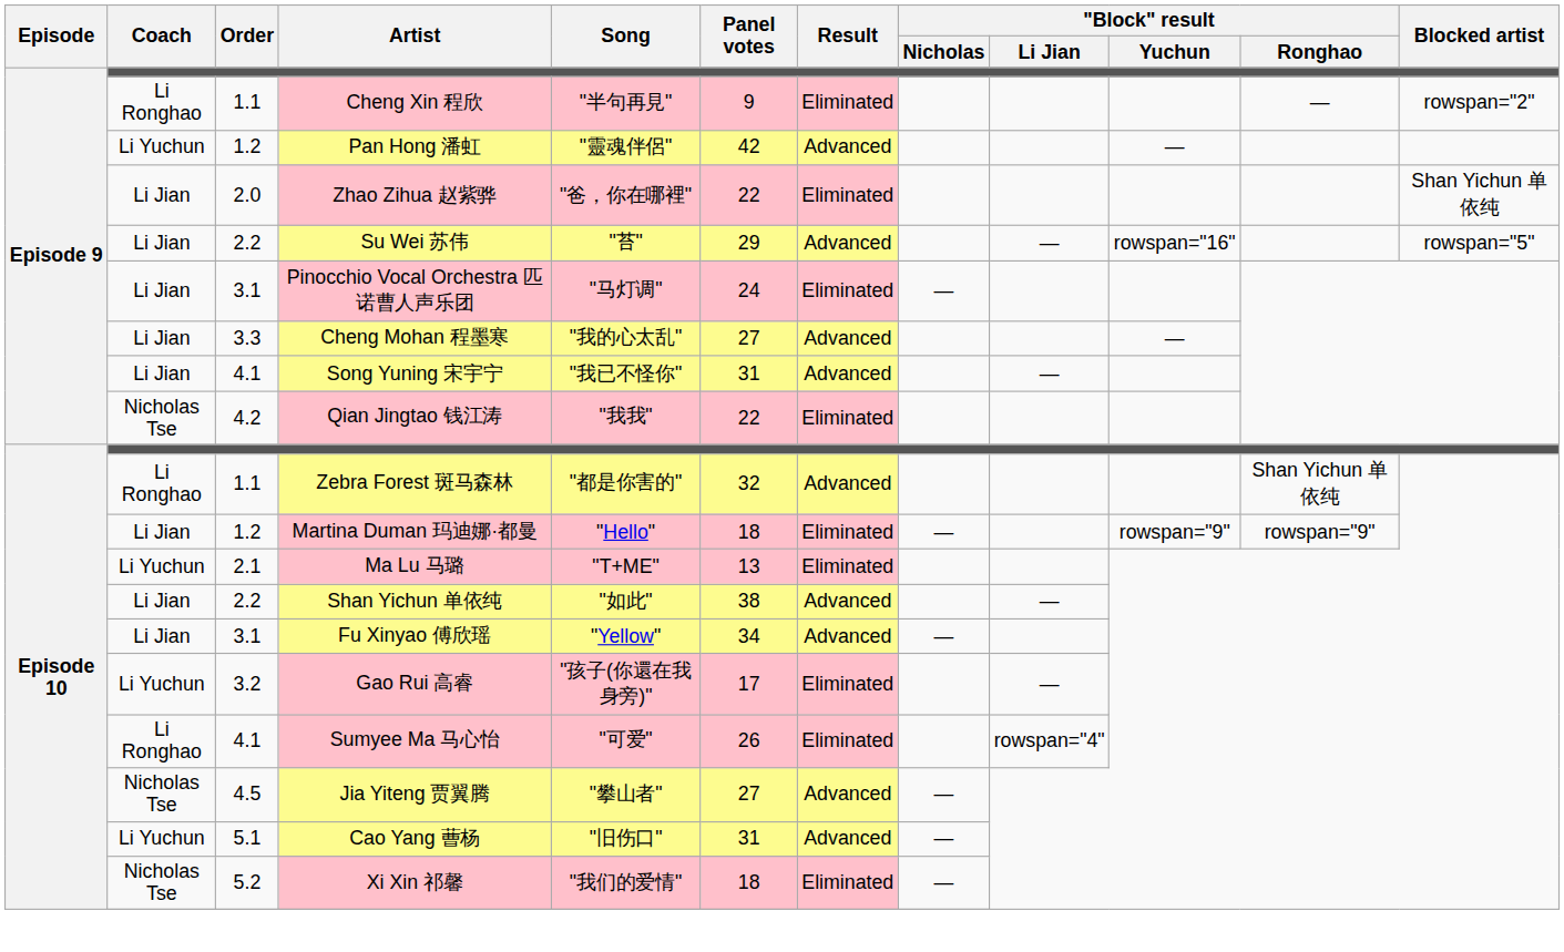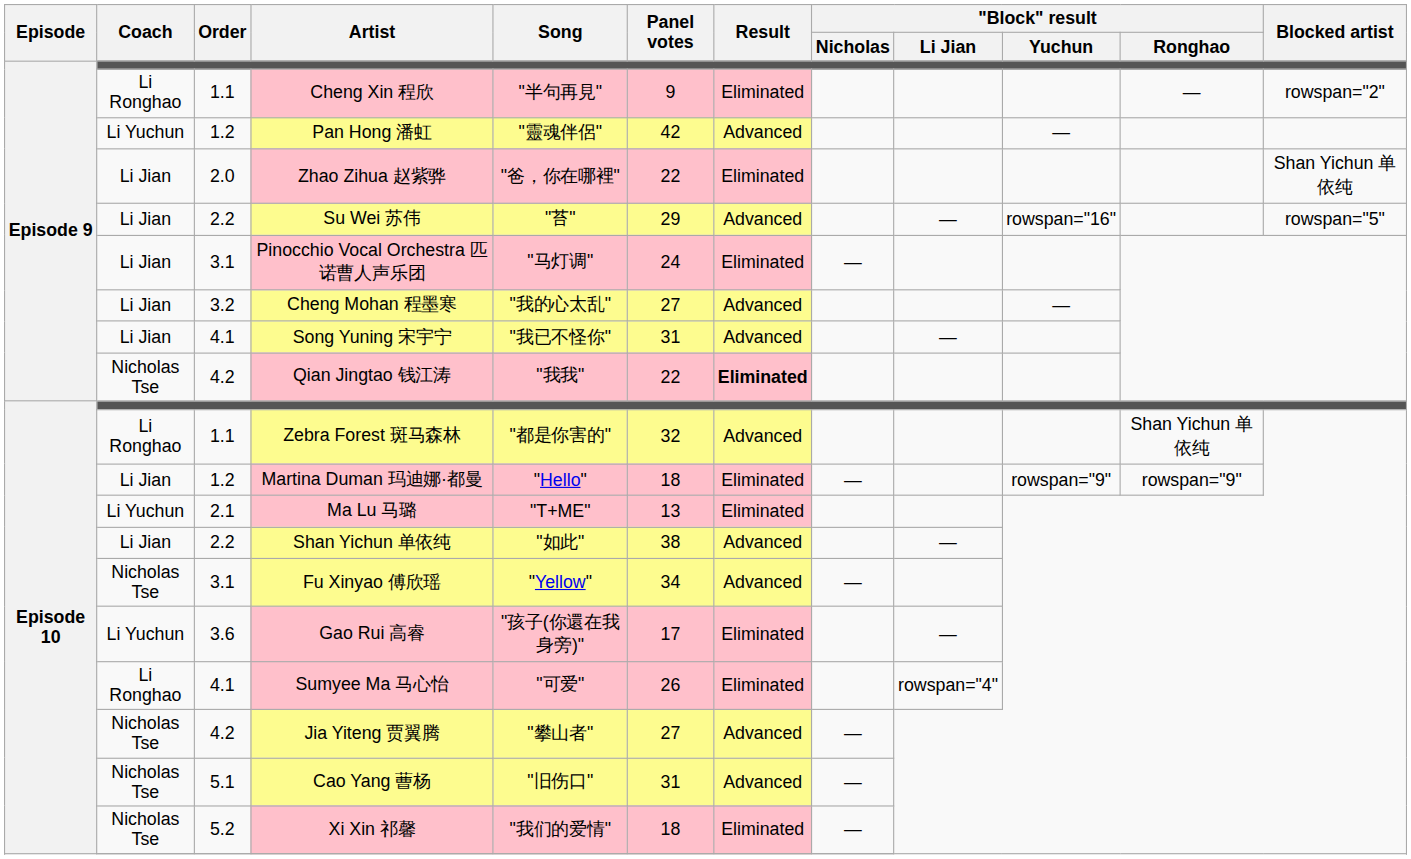 <table class="wikitable" style="text-align:center; width:100%;">
 <tr>
 <th rowspan="2">Episode</th>
 <th rowspan="2">Coach</th>
 <th rowspan="2">Order</th>
 <th rowspan="2">Artist</th>
 <th rowspan="2">Song</th>
 <th rowspan="2">Panel votes</th>
 <th rowspan="2">Result</th>
 <th colspan="4">"Block" result</th>
 <th rowspan="2">Blocked artist</th>
 </tr>
 <tr>
 <th>Nicholas</th>
 <th>Li Jian</th>
 <th>Yuchun</th>
 <th>Ronghao</th>
 </tr>
 <tr>
 <th rowspan="9" scope="row">Episode 9<br><small></small></th>
 <td colspan="11" style="background:#555;"></td>
 </tr>
 <tr>
 <td>Li Ronghao</td>
 <td>1.1</td>
 <td style="background:pink;">Cheng Xin 程欣</td>
 <td style="background:pink;">"半句再見"</td>
 <td style="background:pink;">9</td>
 <td style="background:pink;">Eliminated</td>
 <td></td>
 <td></td>
 <td></td>
 <td>—</td>
 <td>rowspan="2" </td>
 </tr>
 <tr>
 <td>Li Yuchun</td>
 <td>1.2</td>
 <td style="background:#fdfc8f;">Pan Hong 潘虹</td>
 <td style="background:#fdfc8f;">"靈魂伴侶"</td>
 <td style="background:#fdfc8f;">42</td>
 <td style="background:#fdfc8f;">Advanced</td>
 <td></td>
 <td></td>
 <td>—</td>
 <td></td>
 </tr>
 <tr>
 <td>Li Jian</td>
 <td>2.0</td>
 <td style="background:pink;">Zhao Zihua 赵紫骅</td>
 <td style="background:pink;">"爸，你在哪裡"</td>
 <td style="background:pink;">22</td>
 <td style="background:pink;">Eliminated</td>
 <td></td>
 <td></td>
 <td><strong></strong></td>
 <td></td>
 <td>Shan Yichun 单依纯</td>
 </tr>
 <tr>
 <td>Li Jian</td>
 <td>2.2</td>
 <td style="background:#fdfc8f;">Su Wei 苏伟</td>
 <td style="background:#fdfc8f;">"苔"</td>
 <td style="background:#fdfc8f;">29</td>
 <td style="background:#fdfc8f;">Advanced</td>
 <td></td>
 <td>—</td>
 <td>rowspan="16" </td>
 <td></td>
 <td>rowspan="5" </td>
 </tr>
 <tr>
 <td>Li Jian</td>
 <td>3.1</td>
 <td style="background:pink;">Pinocchio Vocal Orchestra 匹诺曹人声乐团</td>
 <td style="background:pink;">"马灯调"</td>
 <td style="background:pink;">24</td>
 <td style="background:pink;">Eliminated</td>
 <td>—</td>
 <td></td>
 <td></td>
 </tr>
 <tr>
 <td>Li Jian</td>
-<td>3.3</td>
+<td>3.2</td>
 <td style="background:#fdfc8f;">Cheng Mohan 程墨寒</td>
 <td style="background:#fdfc8f;">"我的心太乱"</td>
 <td style="background:#fdfc8f;">27</td>
 <td style="background:#fdfc8f;">Advanced</td>
 <td></td>
 <td></td>
 <td>—</td>
 </tr>
 <tr>
 <td>Li Jian</td>
 <td>4.1</td>
 <td style="background:#fdfc8f;">Song Yuning 宋宇宁</td>
 <td style="background:#fdfc8f;">"我已不怪你"</td>
 <td style="background:#fdfc8f;">31</td>
 <td style="background:#fdfc8f;">Advanced</td>
 <td></td>
 <td>—</td>
 <td></td>
 </tr>
 <tr>
 <td>Nicholas Tse</td>
 <td>4.2</td>
 <td style="background:pink;">Qian Jingtao 钱江涛</td>
 <td style="background:pink;">"我我"</td>
 <td style="background:pink;">22</td>
-<td style="background:pink;">Eliminated</td>
+<td style="background:pink;"><strong>Eliminated</strong></td>
 <td></td>
 <td></td>
 <td></td>
 </tr>
 <tr>
 <th rowspan="13" scope="row">Episode 10<br><small></small></th>
 <td colspan="11" style="background:#555;"></td>
 </tr>
 <tr>
 <td>Li Ronghao</td>
 <td>1.1</td>
 <td style="background:#fdfc8f;">Zebra Forest 斑马森林</td>
 <td style="background:#fdfc8f;">"都是你害的"</td>
 <td style="background:#fdfc8f;">32</td>
 <td style="background:#fdfc8f;">Advanced</td>
 <td></td>
 <td></td>
 <td><strong></strong></td>
 <td>Shan Yichun 单依纯</td>
 </tr>
 <tr>
 <td>Li Jian</td>
 <td>1.2</td>
 <td style="background:pink;">Martina Duman 玛迪娜·都曼</td>
 <td style="background:pink;">"<a href='#'>Hello</a>"</td>
 <td style="background:pink;">18</td>
 <td style="background:pink;">Eliminated</td>
 <td>—</td>
 <td></td>
 <td>rowspan="9" </td>
 <td>rowspan="9" </td>
 </tr>
 <tr>
 <td>Li Yuchun</td>
 <td>2.1</td>
 <td style="background:pink;">Ma Lu 马璐</td>
 <td style="background:pink;">"T+ME"</td>
 <td style="background:pink;">13</td>
 <td style="background:pink;">Eliminated</td>
 <td></td>
 <td></td>
 </tr>
 <tr>
 <td>Li Jian</td>
 <td>2.2</td>
 <td style="background:#fdfc8f;">Shan Yichun 单依纯</td>
 <td style="background:#fdfc8f;">"如此"</td>
 <td style="background:#fdfc8f;">38</td>
 <td style="background:#fdfc8f;">Advanced</td>
 <td></td>
 <td>—</td>
 </tr>
 <tr>
-<td>Li Jian</td>
+<td>Nicholas Tse</td>
 <td>3.1</td>
 <td style="background:#fdfc8f;">Fu Xinyao 傅欣瑶</td>
 <td style="background:#fdfc8f;">"<a href='#'>Yellow</a>"</td>
 <td style="background:#fdfc8f;">34</td>
 <td style="background:#fdfc8f;">Advanced</td>
 <td>—</td>
 <td></td>
 </tr>
 <tr>
 <td>Li Yuchun</td>
-<td>3.2</td>
+<td>3.6</td>
 <td style="background:pink;">Gao Rui 高睿</td>
 <td style="background:pink;">"孩子(你還在我身旁)"</td>
 <td style="background:pink;">17</td>
 <td style="background:pink;">Eliminated</td>
 <td></td>
 <td>—</td>
 </tr>
 <tr>
 <td>Li Ronghao</td>
 <td>4.1</td>
 <td style="background:pink;">Sumyee Ma 马心怡</td>
 <td style="background:pink;">"可爱"</td>
 <td style="background:pink;">26</td>
 <td style="background:pink;">Eliminated</td>
 <td></td>
 <td>rowspan="4" </td>
 </tr>
 <tr>
 <td>Nicholas Tse</td>
-<td>4.5</td>
+<td>4.2</td>
 <td style="background:#fdfc8f;">Jia Yiteng 贾翼腾</td>
 <td style="background:#fdfc8f;">"攀山者"</td>
 <td style="background:#fdfc8f;">27</td>
 <td style="background:#fdfc8f;">Advanced</td>
 <td>—</td>
 </tr>
 <tr>
-<td>Li Yuchun</td>
+<td>Nicholas Tse</td>
 <td>5.1</td>
 <td style="background:#fdfc8f;">Cao Yang 蓸杨</td>
 <td style="background:#fdfc8f;">"旧伤口"</td>
 <td style="background:#fdfc8f;">31</td>
 <td style="background:#fdfc8f;">Advanced</td>
 <td>—</td>
 </tr>
 <tr>
 <td>Nicholas Tse</td>
 <td>5.2</td>
 <td style="background:pink;">Xi Xin 祁馨</td>
 <td style="background:pink;">"我们的爱情"</td>
 <td style="background:pink;">18</td>
 <td style="background:pink;">Eliminated</td>
 <td>—</td>
 </tr>
 <tr>
 </tr>
 </table>
